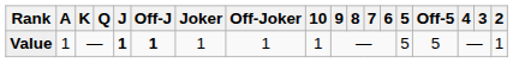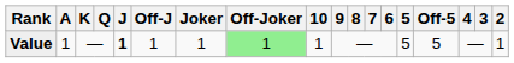 <table class="wikitable" align="right">
 <tr>
 <th>Rank</th>
 <th>A</th>
 <th>K</th>
 <th>Q</th>
 <th>J</th>
 <th>Off-J</th>
 <th>Joker</th>
 <th>Off-Joker</th>
 <th>10</th>
 <th>9</th>
 <th>8</th>
 <th>7</th>
 <th>6</th>
 <th>5</th>
 <th>Off-5</th>
 <th>4</th>
 <th>3</th>
 <th>2</th>
 </tr>
 <tr align="center">
 <td style="background:#efefef;"><strong>Value</strong></td>
 <td>1</td>
 <td colspan=2>—</td>
 <td><strong>1</strong></td>
-<td><strong>1</strong></td>
 <td>1</td>
 <td>1</td>
+<td style="background: lightgreen;">1</td>
 <td>1</td>
 <td colspan=4>—</td>
 <td>5</td>
 <td>5</td>
 <td colspan=2>—</td>
 <td>1</td>
 </tr>
 </table>
